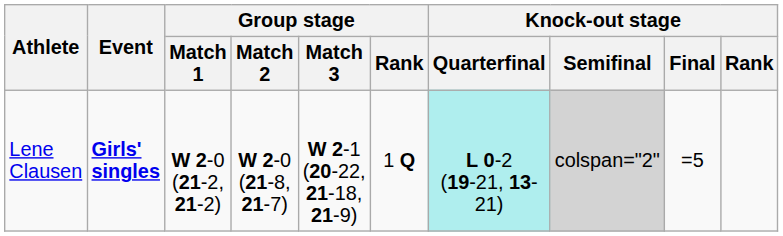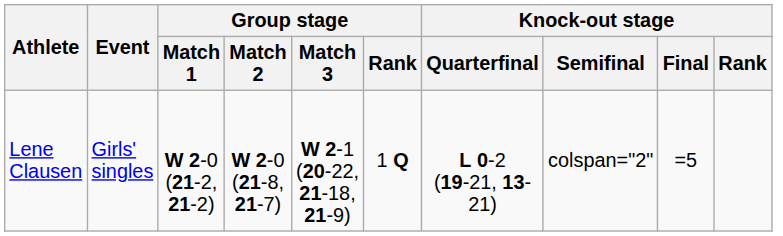 <table class="wikitable" width="85%" style="text-align:left; font-size:90%">
 <tr>
 <th rowspan=2>Athlete</th>
 <th rowspan=2>Event</th>
 <th colspan=4>Group stage</th>
 <th colspan=4>Knock-out stage</th>
 </tr>
 <tr>
 <th>Match 1</th>
 <th>Match 2</th>
 <th>Match 3</th>
 <th>Rank</th>
 <th>Quarterfinal</th>
 <th>Semifinal</th>
 <th>Final</th>
 <th>Rank</th>
 </tr>
 <tr>
 <td><a href='#'>Lene Clausen</a></td>
-<td><strong><a href='#'>Girls' singles</a></strong></td>
+<td><a href='#'>Girls' singles</a></td>
 <td align=center> <br><br><strong>W</strong> <strong>2</strong>-0 <br> (<strong>21</strong>-2, <strong>21</strong>-2)</td>
 <td align=center> <br><br><strong>W</strong> <strong>2</strong>-0 <br> (<strong>21</strong>-8, <strong>21</strong>-7)</td>
 <td align=center> <br><br><strong>W</strong> <strong>2</strong>-1 <br> (<strong>20</strong>-22, <strong>21</strong>-18, <strong>21</strong>-9)</td>
 <td align=center>1 <strong>Q</strong></td>
-<td align=center style="background: paleturquoise;"> <br><br><strong>L</strong> <strong>0</strong>-2 <br> (<strong>19</strong>-21, <strong>13</strong>-21)</td>
-<td style="background: lightgrey;">colspan="2" </td>
+<td align=center> <br><br><strong>L</strong> <strong>0</strong>-2 <br> (<strong>19</strong>-21, <strong>13</strong>-21)</td>
+<td>colspan="2" </td>
 <td align=center>=5</td>
 </tr>
 </table>
